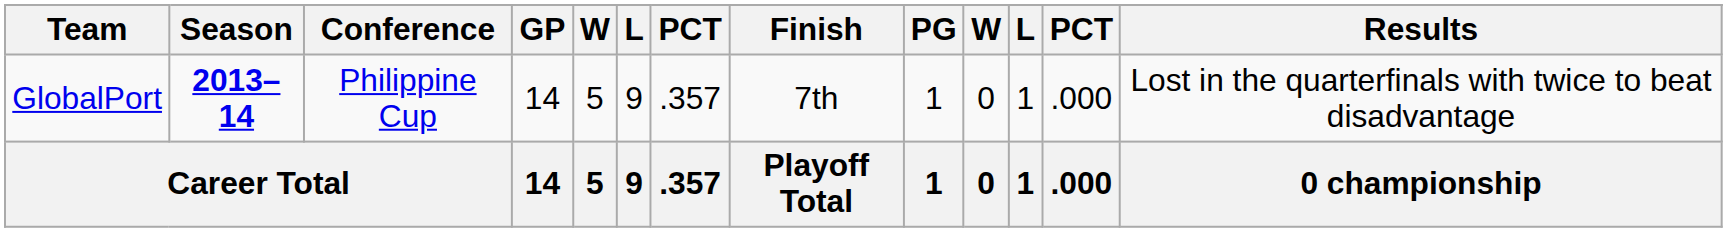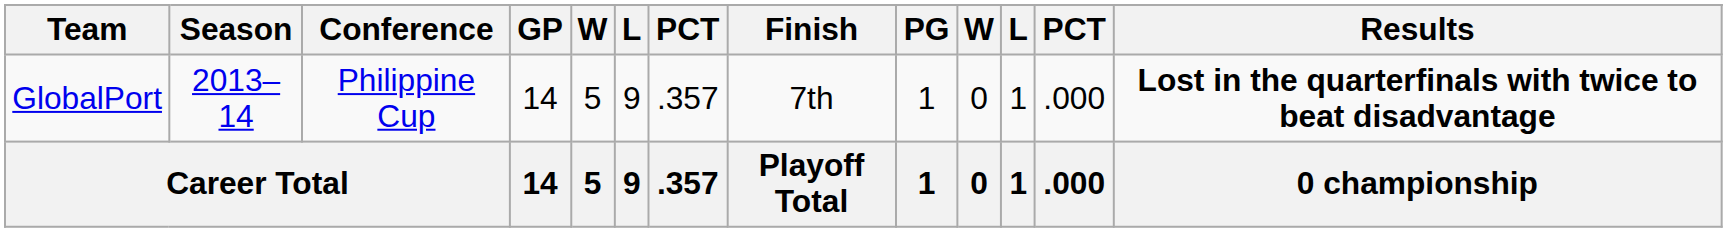 <table class="wikitable sortable" style="text-align:center">
 <tr>
 <th rowspan="2">Team</th>
 <th rowspan="2">Season</th>
 <th rowspan="2">Conference</th>
 </tr>
 <tr>
 <th>GP</th>
 <th>W</th>
 <th>L</th>
 <th>PCT</th>
 <th>Finish</th>
 <th>PG</th>
 <th>W</th>
 <th>L</th>
 <th>PCT</th>
 <th>Results</th>
 </tr>
 <tr>
 <td><a href='#'>GlobalPort</a></td>
-<td><strong><a href='#'>2013–14</a></strong></td>
+<td><a href='#'>2013–14</a></td>
 <td><a href='#'>Philippine Cup</a></td>
 <td>14</td>
 <td>5</td>
 <td>9</td>
 <td>.357</td>
 <td>7th</td>
 <td>1</td>
 <td>0</td>
 <td>1</td>
 <td>.000</td>
-<td>Lost in the quarterfinals with twice to beat disadvantage</td>
+<td><strong>Lost in the quarterfinals with twice to beat disadvantage</strong></td>
 </tr>
 <tr>
 <th colspan="3"><strong>Career Total</strong></th>
 <th><strong>14</strong></th>
 <th><strong>5</strong></th>
 <th><strong>9</strong></th>
 <th><strong>.357</strong></th>
 <th>Playoff Total</th>
 <th>1</th>
 <th>0</th>
 <th>1</th>
 <th><strong>.000</strong></th>
 <th><strong>0 championship</strong></th>
 </tr>
 </table>
